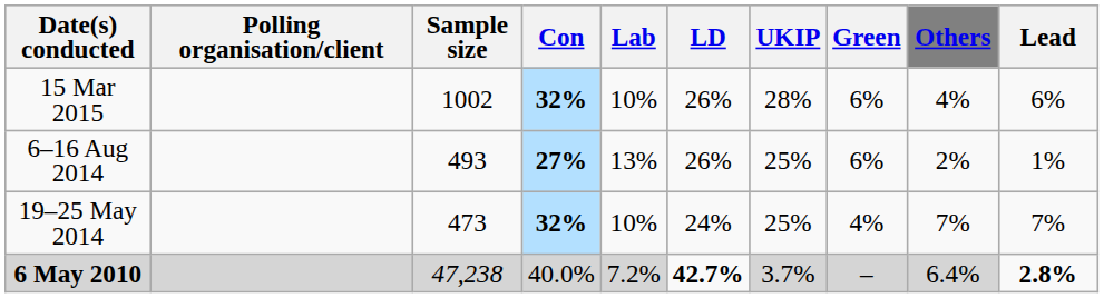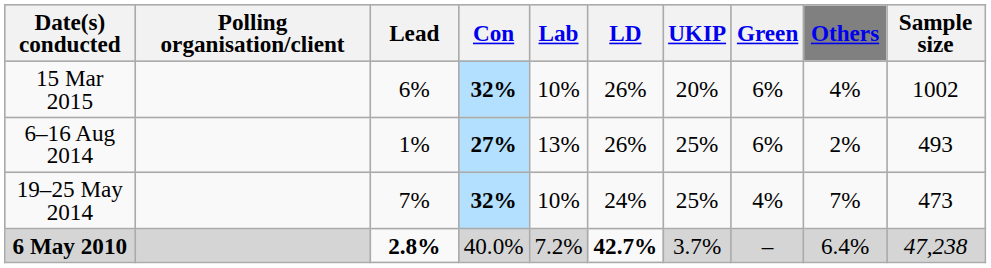 <table class="wikitable sortable" style="text-align:center;font-size:90%;line-height:14px">
 <tr>
 <th ! style="width:100px;">Date(s)<br>conducted</th>
 <th style="width:200px;">Polling organisation/client</th>
-<th class="unsortable" style="width:75px;">Sample size</th>
+<th class="unsortable" style="width:85px;">Lead</th>
 <th class="unsortable" style="background:"><a href='#'><span>Con</span></a></th>
 <th class="unsortable" style="background:"><a href='#'><span>Lab</span></a></th>
 <th class="unsortable" style="background:"><a href='#'><span>LD</span></a></th>
 <th class="unsortable" style="background:"><a href='#'><span>UKIP</span></a></th>
 <th class="unsortable" style="background:"><a href='#'><span>Green</span></a></th>
 <th class="unsortable" style="background:gray; width:50px;"><a href='#'><span>Others</span></a></th>
-<th class="unsortable" style="width:85px;">Lead</th>
+<th class="unsortable" style="width:75px;">Sample size</th>
 </tr>
 <tr>
 <td>15 Mar 2015</td>
 <td> </td>
-<td>1002</td>
+<td style="background:">6%</td>
 <td style="background:#B3E0FF"><strong>32%</strong></td>
 <td>10%</td>
 <td>26%</td>
-<td>28%</td>
+<td>20%</td>
 <td>6%</td>
 <td>4%</td>
-<td style="background:">6%</td>
+<td>1002</td>
 </tr>
 <tr>
 <td>6–16 Aug 2014</td>
 <td> </td>
-<td>493</td>
+<td style="background:">1%</td>
 <td style="background:#B3E0FF"><strong>27%</strong></td>
 <td>13%</td>
 <td>26%</td>
 <td>25%</td>
 <td>6%</td>
 <td>2%</td>
-<td style="background:">1%</td>
+<td>493</td>
 </tr>
 <tr>
 <td>19–25 May 2014</td>
 <td> </td>
-<td>473</td>
+<td style="background:">7%</td>
 <td style="background:#B3E0FF"><strong>32%</strong></td>
 <td>10%</td>
 <td>24%</td>
 <td>25%</td>
 <td>4%</td>
 <td>7%</td>
-<td style="background:">7%</td>
+<td>473</td>
 </tr>
 <tr>
 <td style="background:#D5D5D5"><strong>6 May 2010 </strong></td>
 <td style="background:#D5D5D5"></td>
-<td style="background:#D5D5D5"><em>47,238</em></td>
+<td style="background:"><strong>2.8% </strong></td>
 <td style="background:#D5D5D5">40.0%</td>
 <td style="background:#D5D5D5">7.2%</td>
 <td style="background:"><strong>42.7%</strong></td>
 <td style="background:#D5D5D5">3.7%</td>
 <td style="background:#D5D5D5">–</td>
 <td style="background:#D5D5D5">6.4%</td>
-<td style="background:"><strong>2.8% </strong></td>
+<td style="background:#D5D5D5"><em>47,238</em></td>
 </tr>
 </table>
